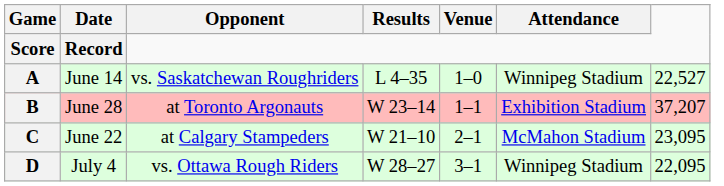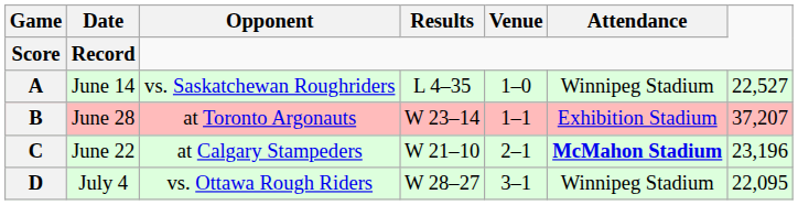 <table class="wikitable" style="text-align:center">
 <tr>
 <th>Game</th>
 <th>Date</th>
 <th>Opponent</th>
 <th>Results</th>
 <th>Venue</th>
 <th>Attendance</th>
 </tr>
 <tr>
 <th>Score</th>
 <th>Record</th>
 </tr>
 <tr style="background:#ddffdd">
 <th>A</th>
 <td>June 14</td>
 <td>vs. <a href='#'>Saskatchewan Roughriders</a></td>
 <td>L 4–35</td>
 <td>1–0</td>
 <td>Winnipeg Stadium</td>
 <td>22,527</td>
 </tr>
 <tr style="background:#ffbbbb">
 <th>B</th>
 <td>June 28</td>
 <td>at <a href='#'>Toronto Argonauts</a></td>
 <td>W 23–14</td>
 <td>1–1</td>
 <td><a href='#'>Exhibition Stadium</a></td>
 <td>37,207</td>
 </tr>
 <tr style="background:#ddffdd">
 <th>C</th>
 <td>June 22</td>
 <td>at <a href='#'>Calgary Stampeders</a></td>
 <td>W 21–10</td>
 <td>2–1</td>
-<td><a href='#'>McMahon Stadium</a></td>
-<td>23,095</td>
+<td><strong><a href='#'>McMahon Stadium</a></strong></td>
+<td>23,196</td>
 </tr>
 <tr style="background:#ddffdd">
 <th>D</th>
 <td>July 4</td>
 <td>vs. <a href='#'>Ottawa Rough Riders</a></td>
 <td>W 28–27</td>
 <td>3–1</td>
 <td>Winnipeg Stadium</td>
 <td>22,095</td>
 </tr>
 </table>
